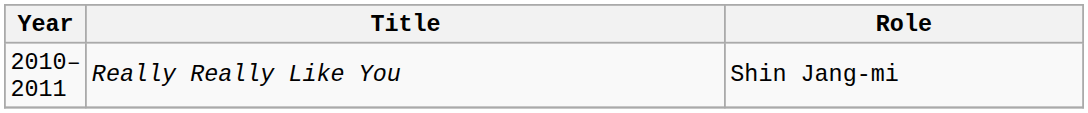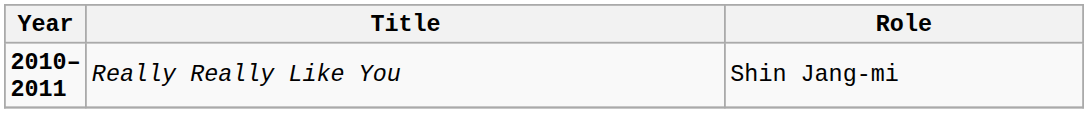 <table class="wikitable" style="width:600px">
 <tr>
 <th width=10>Year</th>
 <th>Title</th>
 <th>Role</th>
 </tr>
 <tr>
-<td>2010–2011</td>
+<td><strong>2010–2011</strong></td>
 <td><em>Really Really Like You</em></td>
 <td>Shin Jang-mi</td>
 </tr>
 <tr>
 </tr>
 </table>
